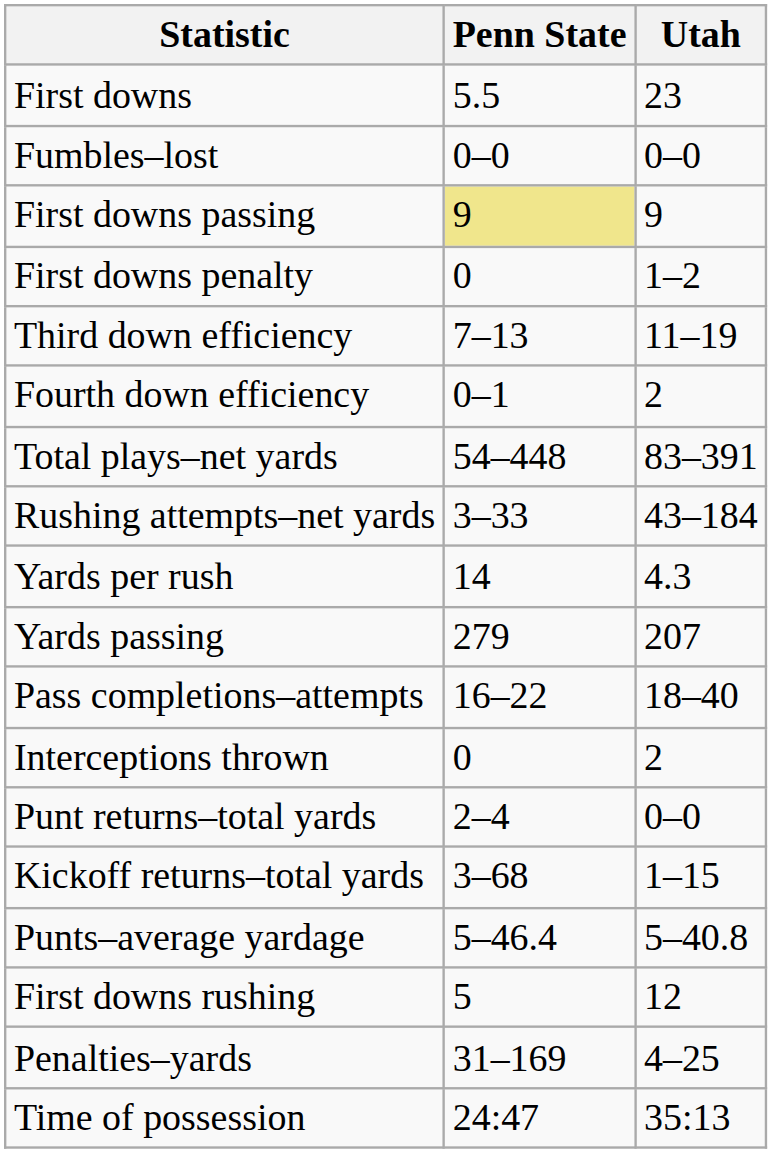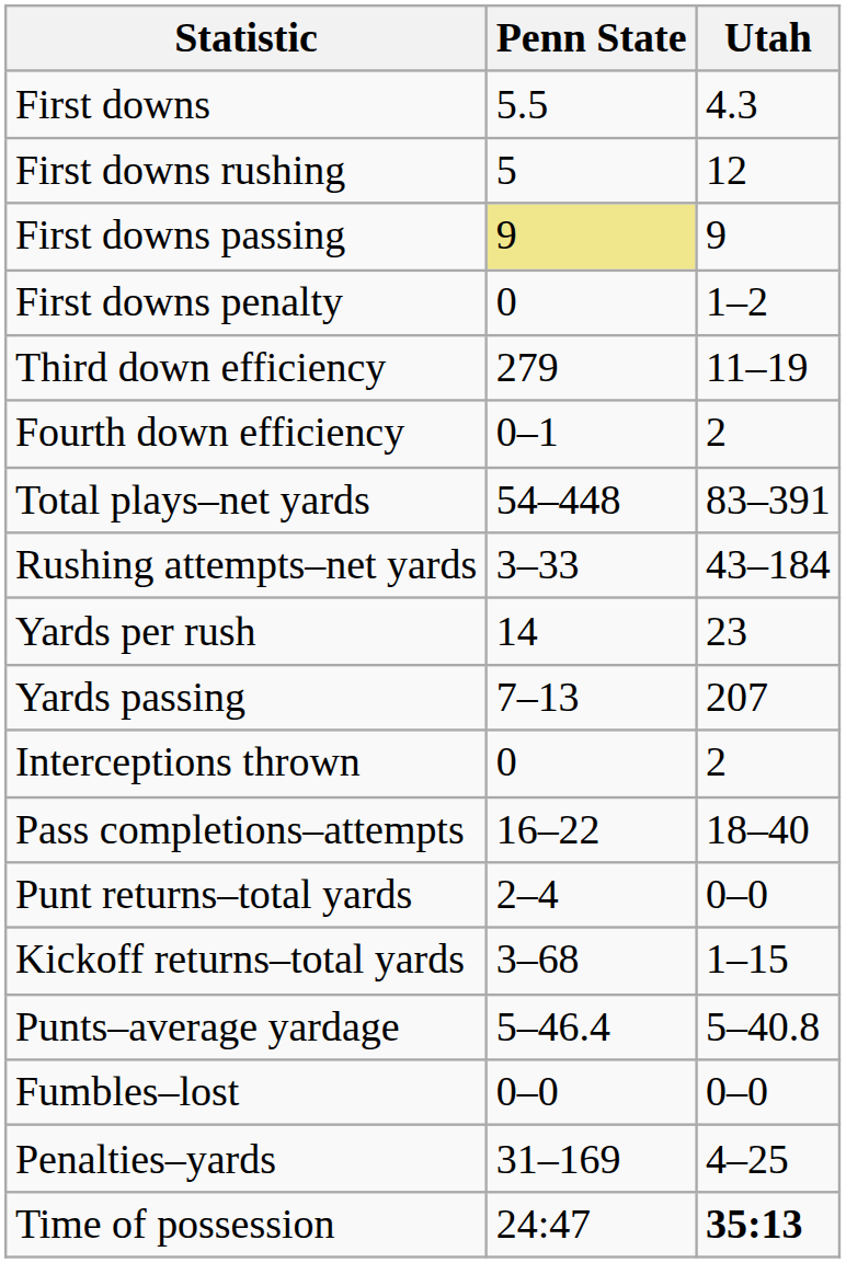 <table class="wikitable">
 <tr>
 <th>Statistic</th>
 <th><strong>Penn State</strong></th>
 <th><strong>Utah</strong></th>
 </tr>
 <tr>
 <td>First downs</td>
 <td>5.5</td>
-<td>23</td>
+<td>4.3</td>
 </tr>
 <tr>
-<td>Fumbles–lost</td>
-<td>0–0</td>
-<td>0–0</td>
+<td>First downs rushing</td>
+<td>5</td>
+<td>12</td>
 </tr>
 <tr>
 <td>First downs passing</td>
 <td style="background: khaki;">9</td>
 <td>9</td>
 </tr>
 <tr>
 <td>First downs penalty</td>
 <td>0</td>
 <td>1–2</td>
 </tr>
 <tr>
 <td>Third down efficiency</td>
-<td>7–13</td>
+<td>279</td>
 <td>11–19</td>
 </tr>
 <tr>
 <td>Fourth down efficiency</td>
 <td>0–1</td>
 <td>2</td>
 </tr>
 <tr>
 <td>Total plays–net yards</td>
 <td>54–448</td>
 <td>83–391</td>
 </tr>
 <tr>
 <td>Rushing attempts–net yards</td>
 <td>3–33</td>
 <td>43–184</td>
 </tr>
 <tr>
 <td>Yards per rush</td>
 <td>14</td>
-<td>4.3</td>
+<td>23</td>
 </tr>
 <tr>
 <td>Yards passing</td>
-<td>279</td>
+<td>7–13</td>
 <td>207</td>
+</tr>
+<tr>
+<td>Interceptions thrown</td>
+<td>0</td>
+<td>2</td>
 </tr>
 <tr>
 <td>Pass completions–attempts</td>
 <td>16–22</td>
 <td>18–40</td>
-</tr>
-<tr>
-<td>Interceptions thrown</td>
-<td>0</td>
-<td>2</td>
 </tr>
 <tr>
 <td>Punt returns–total yards</td>
 <td>2–4</td>
 <td>0–0</td>
 </tr>
 <tr>
 <td>Kickoff returns–total yards</td>
 <td>3–68</td>
 <td>1–15</td>
 </tr>
 <tr>
 <td>Punts–average yardage</td>
 <td>5–46.4</td>
 <td>5–40.8</td>
 </tr>
 <tr>
-<td>First downs rushing</td>
-<td>5</td>
-<td>12</td>
+<td>Fumbles–lost</td>
+<td>0–0</td>
+<td>0–0</td>
 </tr>
 <tr>
 <td>Penalties–yards</td>
 <td>31–169</td>
 <td>4–25</td>
 </tr>
 <tr>
 <td>Time of possession</td>
 <td>24:47</td>
-<td>35:13</td>
+<td><strong>35:13</strong></td>
 </tr>
 </table>
